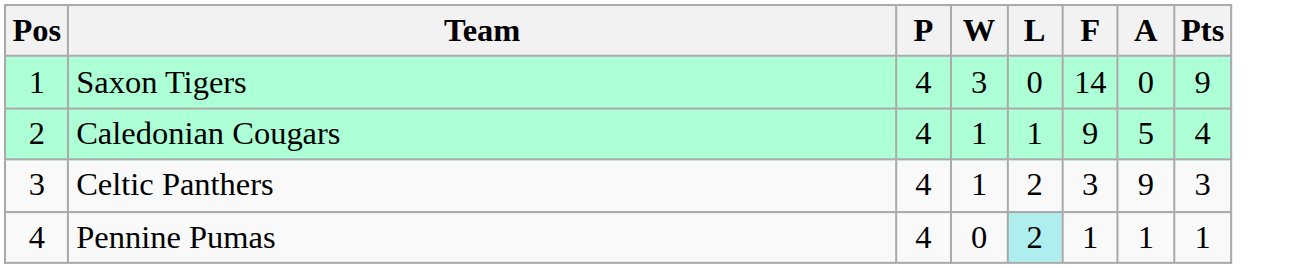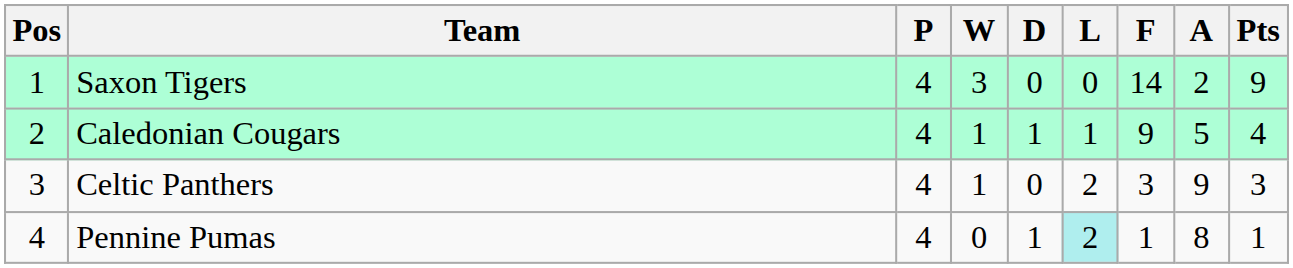 <table class="wikitable" style="text-align:centre;">
 <tr>
 <th width=20>Pos</th>
 <th width=400>Team</th>
 <th width=20>P</th>
 <th width=20>W</th>
+<th width=20>D</th>
 <th width=20>L</th>
 <th width=20>F</th>
 <th width=20>A</th>
 <th width=20>Pts</th>
 </tr>
 <tr align=center style="background: #ADFFD6;">
 <td>1</td>
 <td align="left">Saxon Tigers</td>
 <td>4</td>
 <td>3</td>
 <td>0</td>
+<td>0</td>
 <td>14</td>
-<td>0</td>
+<td>2</td>
 <td>9</td>
 </tr>
 <tr align=center style="background: #ADFFD6;">
 <td>2</td>
 <td align="left">Caledonian Cougars</td>
 <td>4</td>
+<td>1</td>
 <td>1</td>
 <td>1</td>
 <td>9</td>
 <td>5</td>
 <td>4</td>
 </tr>
 <tr align=center>
 <td>3</td>
 <td align="left">Celtic Panthers</td>
 <td>4</td>
 <td>1</td>
+<td>0</td>
 <td>2</td>
 <td>3</td>
 <td>9</td>
 <td>3</td>
 </tr>
 <tr align=center>
 <td>4</td>
 <td align="left">Pennine Pumas</td>
 <td>4</td>
 <td>0</td>
+<td>1</td>
 <td style="background: paleturquoise;">2</td>
 <td>1</td>
-<td>1</td>
+<td>8</td>
 <td>1</td>
 </tr>
 </table>
